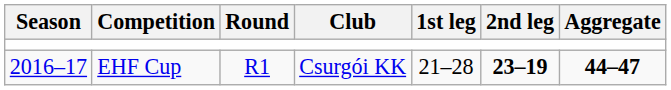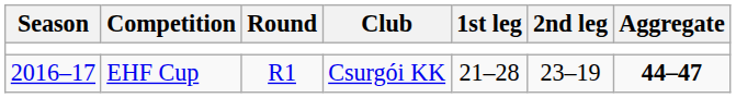 <table class="wikitable">
 <tr>
 <th>Season</th>
 <th>Competition</th>
 <th>Round</th>
 <th>Club</th>
 <th>1st leg</th>
 <th>2nd leg</th>
 <th>Aggregate</th>
 </tr>
 <tr>
 <td colspan="7" bgcolor=white></td>
 </tr>
 <tr>
 <td><a href='#'>2016–17</a></td>
 <td><a href='#'>EHF Cup</a></td>
 <td style="text-align:center;"><a href='#'>R1</a></td>
 <td> <a href='#'>Csurgói KK</a></td>
 <td style="text-align:center;">21–28</td>
-<td style="text-align:center;"><strong>23–19</strong></td>
+<td style="text-align:center;">23–19</td>
 <td style="text-align:center;"><strong>44–47</strong></td>
 </tr>
 </table>
